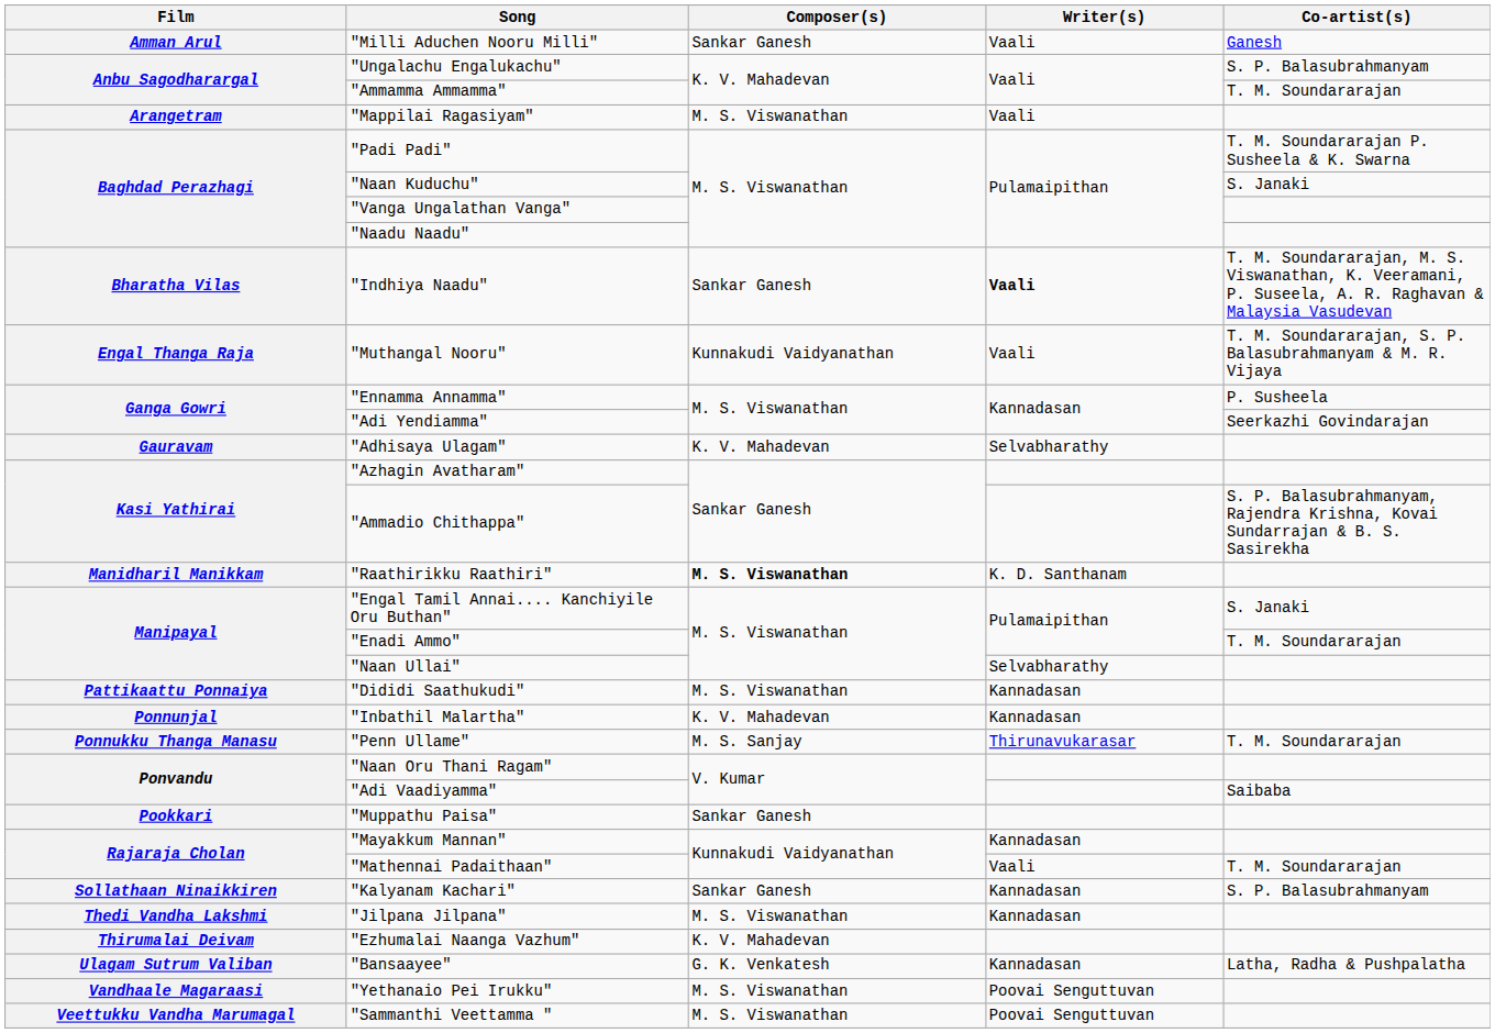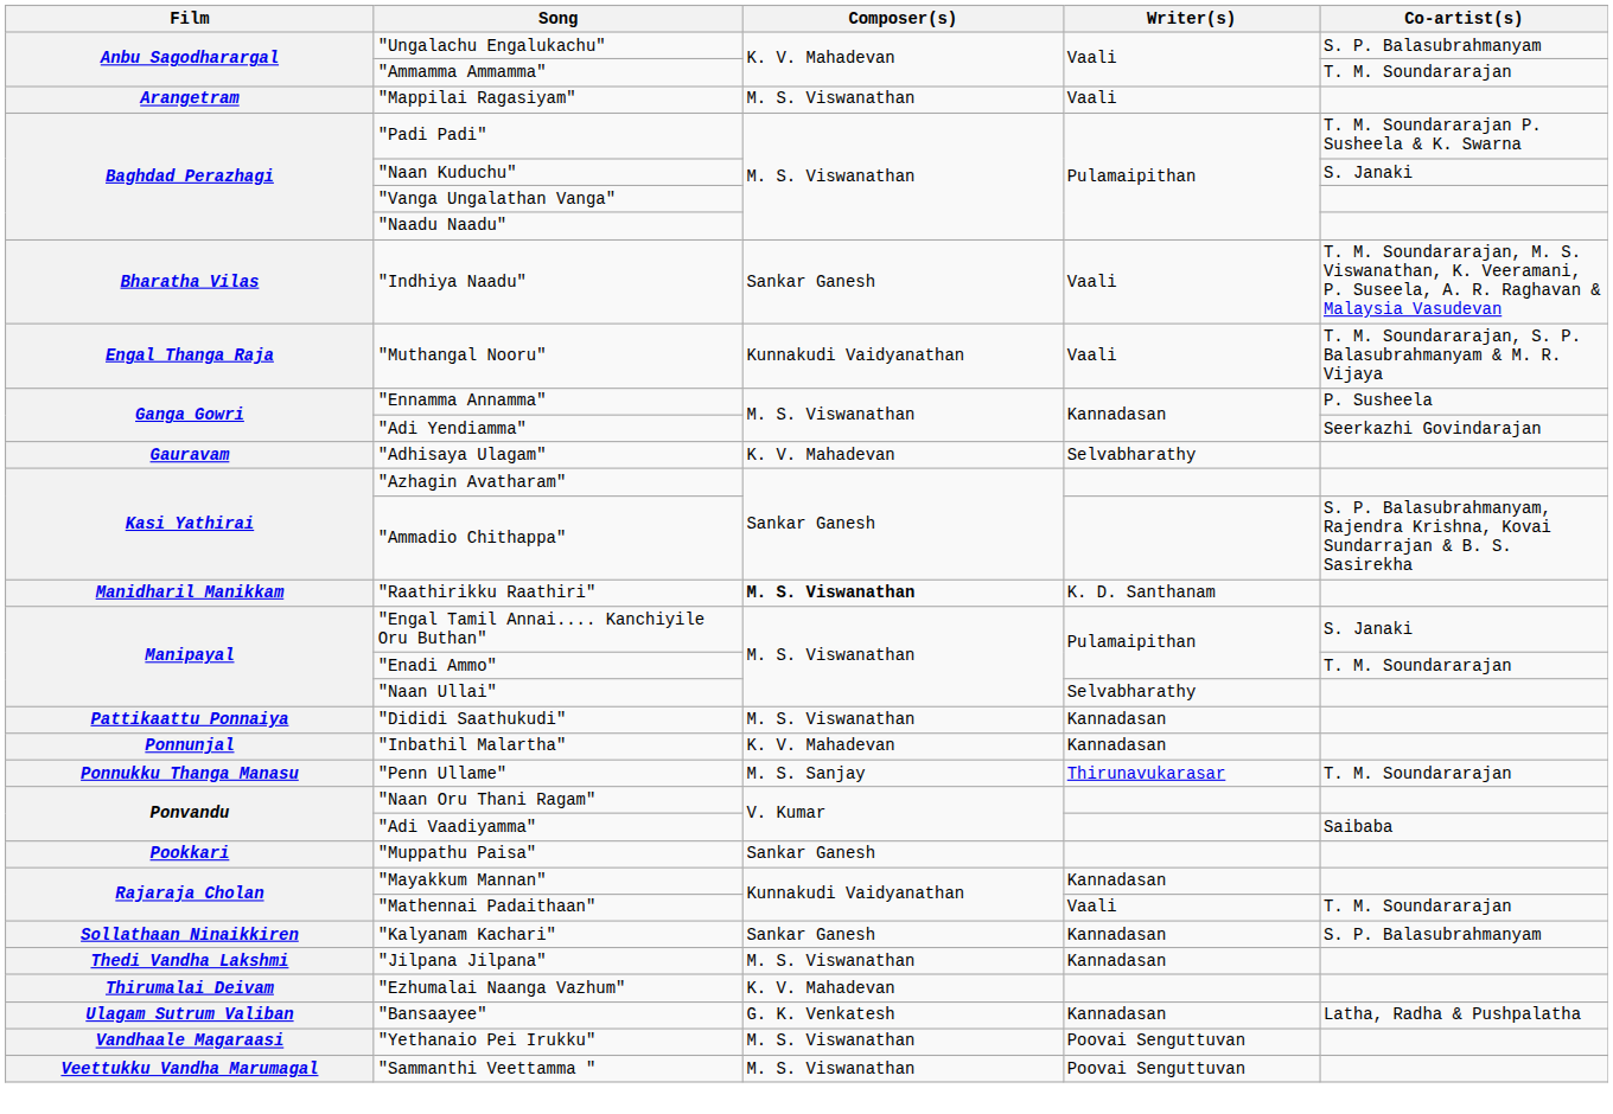 <table class="wikitable plainrowheaders" width="100%" textcolor:#000;">
 <tr style="background:#b0e0e66;">
 <th scope="col" width=23%><strong>Film</strong></th>
 <th scope="col" width=23%><strong>Song</strong></th>
 <th scope="col" width=20%><strong>Composer(s)</strong></th>
 <th scope="col" width=16%><strong>Writer(s)</strong></th>
 <th scope="col" width=18%><strong>Co-artist(s)</strong></th>
-</tr>
-<tr>
-<th><em><a href='#'>Amman Arul</a></em></th>
-<td>"Milli Aduchen Nooru Milli"</td>
-<td>Sankar Ganesh</td>
-<td>Vaali</td>
-<td><a href='#'>Ganesh</a></td>
 </tr>
 <tr>
 <th rowspan=2><em><a href='#'>Anbu Sagodharargal</a></em></th>
 <td>"Ungalachu Engalukachu"</td>
 <td Rowspan="2">K. V. Mahadevan</td>
 <td rowspan="2">Vaali</td>
 <td>S. P. Balasubrahmanyam</td>
 </tr>
 <tr>
 <td>"Ammamma Ammamma"</td>
 <td>T. M. Soundararajan</td>
 </tr>
 <tr>
 <th><em><a href='#'>Arangetram</a></em></th>
 <td>"Mappilai Ragasiyam"</td>
 <td>M. S. Viswanathan</td>
 <td>Vaali</td>
 <td></td>
 </tr>
 <tr>
 <th rowspan=4><em><a href='#'>Baghdad Perazhagi</a></em></th>
 <td>"Padi Padi"</td>
 <td Rowspan="4">M. S. Viswanathan</td>
 <td Rowspan="4">Pulamaipithan</td>
 <td>T. M. Soundararajan P. Susheela & K. Swarna</td>
 </tr>
 <tr>
 <td>"Naan Kuduchu"</td>
 <td>S. Janaki</td>
 </tr>
 <tr>
 <td>"Vanga Ungalathan Vanga"</td>
 <td></td>
 </tr>
 <tr>
 <td>"Naadu Naadu"</td>
 <td></td>
 </tr>
 <tr>
 <th><em><a href='#'>Bharatha Vilas</a></em></th>
 <td>"Indhiya Naadu"</td>
 <td>Sankar Ganesh</td>
-<td><strong>Vaali</strong></td>
+<td>Vaali</td>
 <td>T. M. Soundararajan, M. S. Viswanathan, K. Veeramani, P. Suseela, A. R. Raghavan & <a href='#'>Malaysia Vasudevan</a></td>
 </tr>
 <tr>
 <th><em><a href='#'>Engal Thanga Raja</a></em></th>
 <td>"Muthangal Nooru"</td>
 <td>Kunnakudi Vaidyanathan</td>
 <td>Vaali</td>
 <td>T. M. Soundararajan, S. P. Balasubrahmanyam & M. R. Vijaya</td>
 </tr>
 <tr>
 <th rowspan=2><em><a href='#'>Ganga Gowri</a></em></th>
 <td>"Ennamma Annamma"</td>
 <td Rowspan="2">M. S. Viswanathan</td>
 <td rowspan="2">Kannadasan</td>
 <td>P. Susheela</td>
 </tr>
 <tr>
 <td>"Adi Yendiamma"</td>
 <td>Seerkazhi Govindarajan</td>
 </tr>
 <tr>
 <th><em><a href='#'>Gauravam</a></em></th>
 <td>"Adhisaya Ulagam"</td>
 <td>K. V. Mahadevan</td>
 <td>Selvabharathy</td>
 <td></td>
 </tr>
 <tr>
 <th rowspan=2><em><a href='#'>Kasi Yathirai</a></em></th>
 <td>"Azhagin Avatharam"</td>
 <td Rowspan="2">Sankar Ganesh</td>
 <td></td>
 <td></td>
 </tr>
 <tr>
 <td>"Ammadio Chithappa"</td>
 <td></td>
 <td>S. P. Balasubrahmanyam, Rajendra Krishna, Kovai Sundarrajan & B. S. Sasirekha</td>
 </tr>
 <tr>
 <th><em><a href='#'>Manidharil Manikkam</a></em></th>
 <td>"Raathirikku Raathiri"</td>
 <td><strong>M. S. Viswanathan</strong></td>
 <td>K. D. Santhanam</td>
 <td></td>
 </tr>
 <tr>
 <th rowspan=3><em><a href='#'>Manipayal</a></em></th>
 <td>"Engal Tamil Annai.... Kanchiyile Oru Buthan"</td>
 <td Rowspan="3">M. S. Viswanathan</td>
 <td rowspan="2">Pulamaipithan</td>
 <td>S. Janaki</td>
 </tr>
 <tr>
 <td>"Enadi Ammo"</td>
 <td>T. M. Soundararajan</td>
 </tr>
 <tr>
 <td>"Naan Ullai"</td>
 <td>Selvabharathy</td>
 <td></td>
 </tr>
 <tr>
 <th><em><a href='#'>Pattikaattu Ponnaiya</a></em></th>
 <td>"Dididi Saathukudi"</td>
 <td>M. S. Viswanathan</td>
 <td>Kannadasan</td>
 <td></td>
 </tr>
 <tr>
 <th><em><a href='#'>Ponnunjal</a></em></th>
 <td>"Inbathil Malartha"</td>
 <td>K. V. Mahadevan</td>
 <td>Kannadasan</td>
 <td></td>
 </tr>
 <tr>
 <th><em><a href='#'>Ponnukku Thanga Manasu</a></em></th>
 <td>"Penn Ullame"</td>
 <td>M. S. Sanjay</td>
 <td><a href='#'>Thirunavukarasar</a></td>
 <td>T. M. Soundararajan</td>
 </tr>
 <tr>
 <th rowspan=2><em>Ponvandu</em></th>
 <td>"Naan Oru Thani Ragam"</td>
 <td Rowspan="2">V. Kumar</td>
 <td></td>
 <td></td>
 </tr>
 <tr>
 <td>"Adi Vaadiyamma"</td>
 <td></td>
 <td>Saibaba</td>
 </tr>
 <tr>
 <th><em><a href='#'>Pookkari</a></em></th>
 <td>"Muppathu Paisa"</td>
 <td>Sankar Ganesh</td>
 <td></td>
 <td></td>
 </tr>
 <tr>
 <th rowspan=2><em><a href='#'>Rajaraja Cholan</a></em></th>
 <td>"Mayakkum Mannan"</td>
 <td Rowspan="2">Kunnakudi Vaidyanathan</td>
 <td>Kannadasan</td>
 <td></td>
 </tr>
 <tr>
 <td>"Mathennai Padaithaan"</td>
 <td>Vaali</td>
 <td>T. M. Soundararajan</td>
 </tr>
 <tr>
 <th><em><a href='#'>Sollathaan Ninaikkiren</a></em></th>
 <td>"Kalyanam Kachari"</td>
 <td>Sankar Ganesh</td>
 <td>Kannadasan</td>
 <td>S. P. Balasubrahmanyam</td>
 </tr>
 <tr>
 <th><em><a href='#'>Thedi Vandha Lakshmi</a></em></th>
 <td>"Jilpana Jilpana"</td>
 <td>M. S. Viswanathan</td>
 <td>Kannadasan</td>
 <td></td>
 </tr>
 <tr>
 <th><em><a href='#'>Thirumalai Deivam</a></em></th>
 <td>"Ezhumalai Naanga Vazhum"</td>
 <td>K. V. Mahadevan</td>
 <td></td>
 <td></td>
 </tr>
 <tr>
 <th><em><a href='#'>Ulagam Sutrum Valiban</a></em></th>
 <td>"Bansaayee"</td>
 <td>G. K. Venkatesh</td>
 <td>Kannadasan</td>
 <td>Latha, Radha & Pushpalatha</td>
 </tr>
 <tr>
 <th><em><a href='#'>Vandhaale Magaraasi</a></em></th>
 <td>"Yethanaio Pei Irukku"</td>
 <td>M. S. Viswanathan</td>
 <td>Poovai Senguttuvan</td>
 <td></td>
 </tr>
 <tr>
 <th><em><a href='#'>Veettukku Vandha Marumagal</a></em></th>
 <td>"Sammanthi Veettamma	"</td>
 <td>M. S. Viswanathan</td>
 <td>Poovai Senguttuvan</td>
 <td></td>
 </tr>
 </table>
